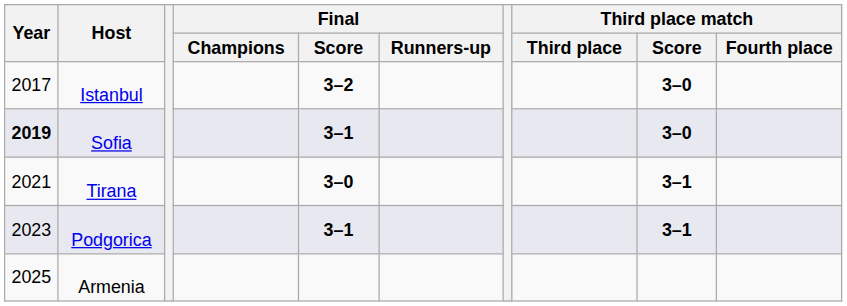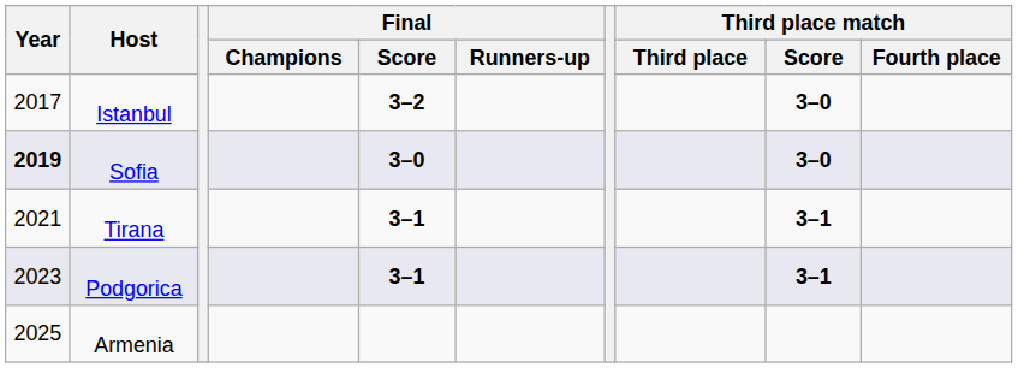 <table class="wikitable" style="font-size:90%; text-align: center;">
 <tr bgcolor=#c1d8ff>
 <th rowspan=2 width=6%>Year</th>
 <th rowspan=2 width=12%>Host</th>
 <th width=1% rowspan=7 bgcolor=ffffff></th>
 <th colspan=3>Final</th>
 <th width=1% rowspan=7 bgcolor=ffffff></th>
 <th colspan=3>Third place match</th>
 </tr>
 <tr bgcolor=#efefef>
 <th width=14%>Champions</th>
 <th width=9%>Score</th>
 <th width=14%>Runners-up</th>
 <th width=14%>Third place</th>
 <th width=9%>Score</th>
 <th width=14%>Fourth place</th>
 </tr>
 <tr>
 <td>2017</td>
 <td><br><a href='#'>Istanbul</a></td>
 <td><strong></strong></td>
 <td><strong>3–2</strong></td>
 <td></td>
 <td></td>
 <td><strong>3–0</strong></td>
 <td></td>
 </tr>
 <tr bgcolor=#E8E8F0>
 <td><strong>2019</strong></td>
 <td><br><a href='#'>Sofia</a></td>
 <td><strong></strong></td>
-<td><strong>3–1</strong></td>
+<td><strong>3–0</strong></td>
 <td></td>
 <td></td>
 <td><strong>3–0</strong></td>
 <td></td>
 </tr>
 <tr>
 <td>2021</td>
 <td><br><a href='#'>Tirana</a></td>
 <td><strong></strong></td>
-<td><strong>3–0</strong></td>
+<td><strong>3–1</strong></td>
 <td></td>
 <td></td>
 <td><strong>3–1</strong></td>
 <td></td>
 </tr>
 <tr bgcolor=#E8E8F0>
 <td>2023</td>
 <td><br><a href='#'>Podgorica</a></td>
 <td><strong></strong></td>
 <td><strong>3–1</strong></td>
 <td></td>
 <td></td>
 <td><strong>3–1</strong></td>
 <td></td>
 </tr>
 <tr>
 <td>2025</td>
 <td><br>Armenia</td>
 <td></td>
 <td></td>
 <td></td>
 <td></td>
 <td></td>
 <td></td>
 </tr>
 </table>
